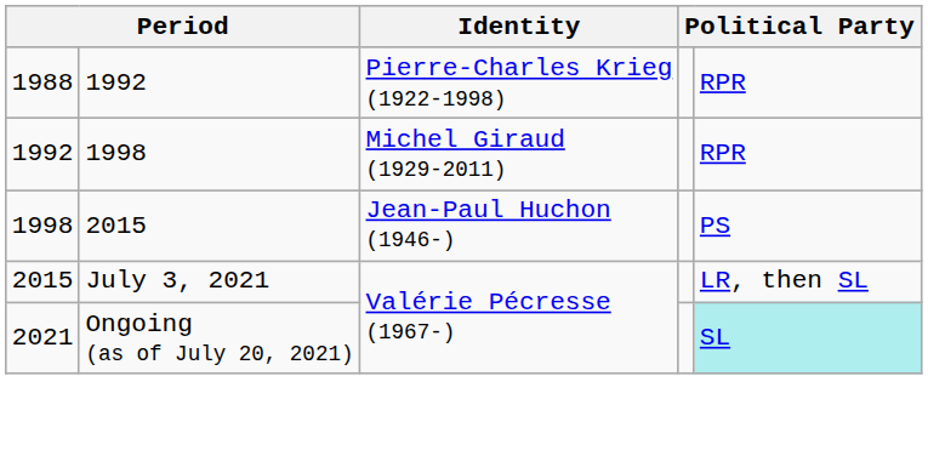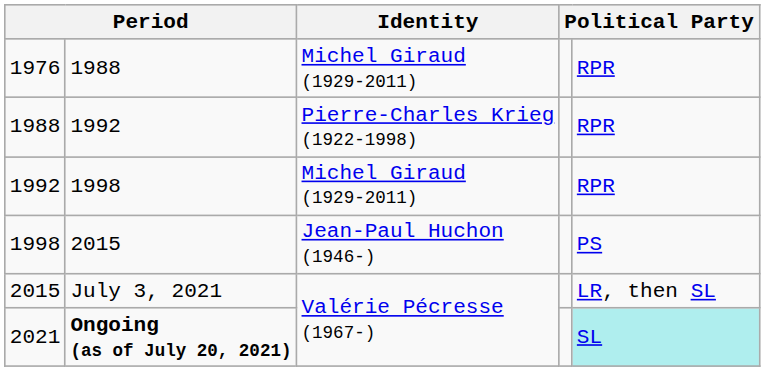 <table class="wikitable">
 <tr>
 <th colspan="2">Period</th>
 <th>Identity</th>
 <th colspan="2">Political Party</th>
+</tr>
+<tr>
+<td>1976</td>
+<td>1988</td>
+<td><a href='#'>Michel Giraud</a><br><small>(1929-2011)</small></td>
+<td style="background-color:"></td>
+<td><a href='#'>RPR</a></td>
 </tr>
 <tr>
 <td>1988</td>
 <td>1992</td>
 <td><a href='#'>Pierre-Charles Krieg</a><br><small>(1922-1998)</small></td>
 <td style="background-color:"></td>
 <td><a href='#'>RPR</a></td>
 </tr>
 <tr>
 <td>1992</td>
 <td>1998</td>
 <td><a href='#'>Michel Giraud</a><br><small>(1929-2011)</small></td>
 <td style="background-color: "></td>
 <td><a href='#'>RPR</a></td>
 </tr>
 <tr>
 <td>1998</td>
 <td>2015</td>
 <td><a href='#'>Jean-Paul Huchon</a><br><small>(1946-)</small></td>
 <td style="background-color: "></td>
 <td><a href='#'>PS</a></td>
 </tr>
 <tr>
 <td>2015</td>
 <td>July 3, 2021</td>
 <td rowspan="2"><a href='#'>Valérie Pécresse</a><br><small>(1967-)</small></td>
 <td style="background-color: "></td>
 <td><a href='#'>LR</a>, then <a href='#'>SL</a></td>
 </tr>
 <tr>
 <td>2021</td>
-<td>Ongoing<br><small>(as of July 20, 2021)</small></td>
+<td><strong>Ongoing<br><small>(as of July 20, 2021)</small></strong></td>
 <td style="background-color: "></td>
 <td style="background: paleturquoise;"><a href='#'>SL</a></td>
 </tr>
 </table>
